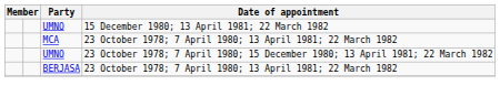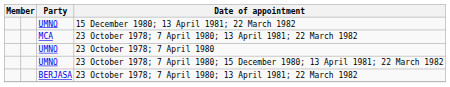 <table class="sortable wikitable">
 <tr>
 <th colspan="2" valign="top">Member</th>
 <th valign="top">Party</th>
 <th valign="top">Date of appointment</th>
 </tr>
 <tr>
 <td></td>
 <td></td>
 <td><a href='#'>UMNO</a></td>
 <td>15 December 1980; 13 April 1981; 22 March 1982</td>
 </tr>
 <tr>
 <td></td>
 <td></td>
 <td><a href='#'>MCA</a></td>
 <td>23 October 1978; 7 April 1980; 13 April 1981; 22 March 1982</td>
 </tr>
 <tr>
 <td></td>
 <td></td>
 <td><a href='#'>UMNO</a></td>
+<td>23 October 1978; 7 April 1980</td>
+</tr>
+<tr>
+<td></td>
+<td></td>
+<td><a href='#'>UMNO</a></td>
 <td>23 October 1978; 7 April 1980; 15 December 1980; 13 April 1981; 22 March 1982</td>
 </tr>
 <tr>
 <td></td>
 <td></td>
 <td><a href='#'>BERJASA</a></td>
 <td>23 October 1978; 7 April 1980; 13 April 1981; 22 March 1982</td>
 </tr>
 <tr>
 </tr>
 </table>
